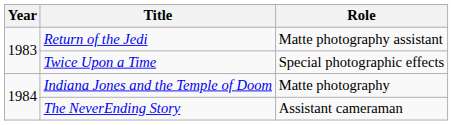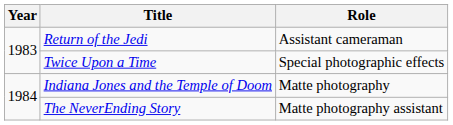 <table class="wikitable">
 <tr>
 <th>Year</th>
 <th>Title</th>
 <th>Role</th>
 </tr>
 <tr>
 <td rowspan=2>1983</td>
 <td><em><a href='#'>Return of the Jedi</a></em></td>
-<td>Matte photography assistant</td>
+<td>Assistant cameraman</td>
 </tr>
 <tr>
 <td><em><a href='#'>Twice Upon a Time</a></em></td>
 <td>Special photographic effects</td>
 </tr>
 <tr>
 <td rowspan=2>1984</td>
 <td><em><a href='#'>Indiana Jones and the Temple of Doom</a></em></td>
 <td>Matte photography</td>
 </tr>
 <tr>
 <td><em><a href='#'>The NeverEnding Story</a></em></td>
-<td>Assistant cameraman</td>
+<td>Matte photography assistant</td>
 </tr>
 </table>
